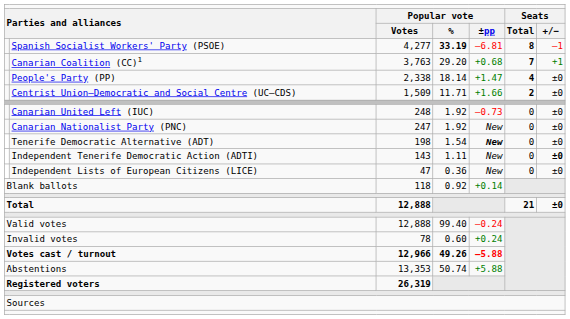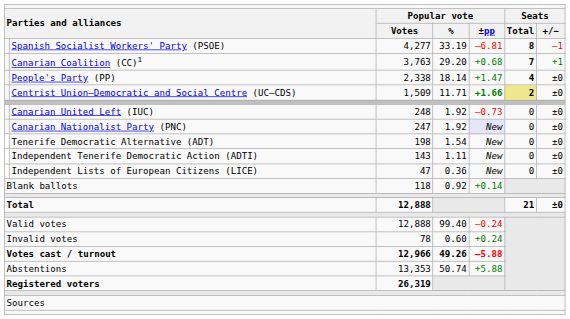 <table class="wikitable" style="text-align:right;">
 <tr>
 <td colspan="7"></td>
 </tr>
 <tr>
 <th style="text-align:left;" rowspan="2" colspan="2" width="525">Parties and alliances</th>
 <th colspan="3">Popular vote</th>
 <th colspan="2">Seats</th>
 </tr>
 <tr>
 <th width="75">Votes</th>
 <th width="45">%</th>
 <th width="45">±<a href='#'>pp</a></th>
 <th width="35">Total</th>
 <th width="35">+/−</th>
 </tr>
 <tr>
 <td width="1" style="color:inherit;background:"></td>
 <td align="left"><a href='#'>Spanish Socialist Workers' Party</a> (PSOE)</td>
 <td>4,277</td>
-<td><strong>33.19</strong></td>
+<td>33.19</td>
 <td style="color:red;">–6.81</td>
 <td><strong>8</strong></td>
 <td style="color:red;">–1</td>
 </tr>
 <tr>
 <td style="color:inherit;background:"></td>
 <td align="left"><a href='#'>Canarian Coalition</a> (CC)<sup>1</sup></td>
 <td>3,763</td>
 <td>29.20</td>
 <td style="color:green;">+0.68</td>
 <td><strong>7</strong></td>
 <td style="color:green;">+1</td>
 </tr>
 <tr>
 <td style="color:inherit;background:"></td>
 <td align="left"><a href='#'>People's Party</a> (PP)</td>
 <td>2,338</td>
 <td>18.14</td>
 <td style="color:green;">+1.47</td>
 <td><strong>4</strong></td>
 <td>±0</td>
 </tr>
 <tr>
 <td style="color:inherit;background:"></td>
 <td align="left"><a href='#'>Centrist Union–Democratic and Social Centre</a> (UC–CDS)</td>
 <td>1,509</td>
 <td>11.71</td>
-<td style="color:green;">+1.66</td>
-<td><strong>2</strong></td>
+<td style="color:green;"><strong>+1.66</strong></td>
+<td style="background: khaki;"><strong>2</strong></td>
 <td>±0</td>
 </tr>
 <tr>
 <td colspan="7" style="color:inherit;background:#C0C0C0"></td>
 </tr>
 <tr>
 <td style="color:inherit;background:"></td>
 <td align="left"><a href='#'>Canarian United Left</a> (IUC)</td>
 <td>248</td>
 <td>1.92</td>
 <td style="color:red;">–0.73</td>
 <td>0</td>
 <td>±0</td>
 </tr>
 <tr>
 <td style="color:inherit;background:"></td>
 <td align="left"><a href='#'>Canarian Nationalist Party</a> (PNC)</td>
 <td>247</td>
 <td>1.92</td>
-<td><em>New</em></td>
+<td style="background: lavender;"><em>New</em></td>
 <td>0</td>
 <td>±0</td>
 </tr>
 <tr>
 <td bgcolor="white"></td>
 <td align="left">Tenerife Democratic Alternative (ADT)</td>
 <td>198</td>
 <td>1.54</td>
-<td><strong><em>New</em></strong></td>
+<td><em>New</em></td>
 <td>0</td>
 <td>±0</td>
 </tr>
 <tr>
 <td bgcolor="white"></td>
 <td align="left">Independent Tenerife Democratic Action (ADTI)</td>
 <td>143</td>
 <td>1.11</td>
 <td><em>New</em></td>
 <td>0</td>
-<td><strong>±0</strong></td>
+<td>±0</td>
 </tr>
 <tr>
 <td bgcolor="white"></td>
 <td align="left">Independent Lists of European Citizens (LICE)</td>
 <td>47</td>
 <td>0.36</td>
 <td><em>New</em></td>
 <td>0</td>
 <td>±0</td>
 </tr>
 <tr>
 <td align="left" colspan="2">Blank ballots</td>
 <td>118</td>
 <td>0.92</td>
 <td style="color:green;">+0.14</td>
 <td style="color:inherit;background:#E9E9E9" colspan="2"></td>
 </tr>
 <tr>
 <td colspan="7" style="color:inherit;background:#E9E9E9"></td>
 </tr>
 <tr style="font-weight:bold;">
 <td align="left" colspan="2">Total</td>
 <td>12,888</td>
 <td bgcolor="#E9E9E9" colspan="2"></td>
 <td>21</td>
 <td>±0</td>
 </tr>
 <tr>
 <td colspan="7" style="color:inherit;background:#E9E9E9"></td>
 </tr>
 <tr>
 <td align="left" colspan="2">Valid votes</td>
 <td>12,888</td>
 <td>99.40</td>
 <td style="color:red;">–0.24</td>
 <td bgcolor="#E9E9E9" colspan="2" rowspan="5"></td>
 </tr>
 <tr>
 <td align="left" colspan="2">Invalid votes</td>
 <td>78</td>
 <td>0.60</td>
 <td style="color:green;">+0.24</td>
 </tr>
 <tr style="font-weight:bold;">
 <td align="left" colspan="2">Votes cast / turnout</td>
 <td>12,966</td>
 <td>49.26</td>
 <td style="color:red;">–5.88</td>
 </tr>
 <tr>
 <td align="left" colspan="2">Abstentions</td>
 <td>13,353</td>
 <td>50.74</td>
 <td style="color:green;">+5.88</td>
 </tr>
 <tr style="font-weight:bold;">
 <td align="left" colspan="2">Registered voters</td>
 <td>26,319</td>
 <td bgcolor="#E9E9E9" colspan="2"></td>
 </tr>
 <tr>
 <td colspan="7" style="color:inherit;background:#E9E9E9"></td>
 </tr>
 <tr>
 <td align="left" colspan="7">Sources</td>
 </tr>
 <tr>
 <td colspan="7" style="text-align:left; max-width:790px;"></td>
 </tr>
 </table>
